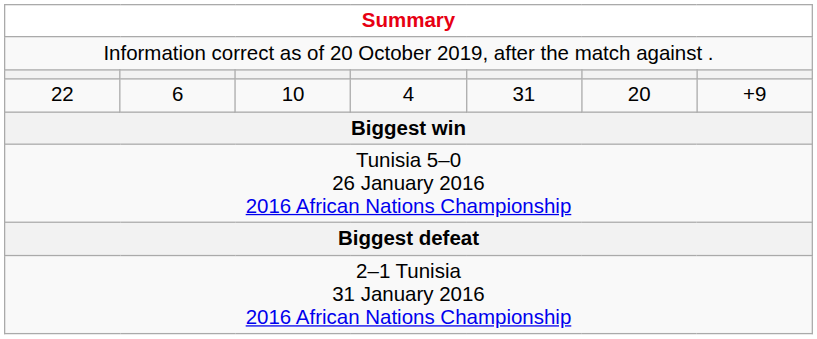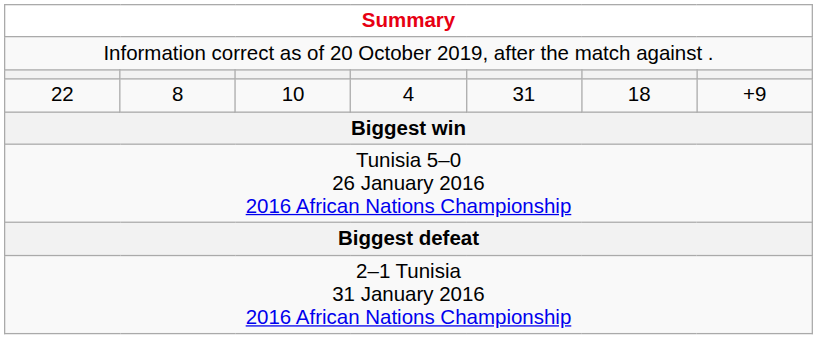 <table class="wikitable" style="text-align: center; width:50%">
 <tr>
 <th colspan="7" style="background:#FFFFFF; color:#E70013; ">Summary</th>
 </tr>
 <tr>
 <td colspan="7">Information correct as of 20 October 2019, after the match against .</td>
 </tr>
 <tr>
 <th width="5%"></th>
 <th width="5%"></th>
 <th width="5%"></th>
 <th width="5%"></th>
 <th width="5%"></th>
 <th width="5%"></th>
 <th width="5%"></th>
 </tr>
 <tr>
 <td>22</td>
-<td>6</td>
+<td>8</td>
 <td>10</td>
 <td>4</td>
 <td>31</td>
-<td>20</td>
+<td>18</td>
 <td>+9</td>
 </tr>
 <tr>
 <th colspan="7">Biggest win</th>
 </tr>
 <tr>
 <td colspan="7">Tunisia  5–0 <br>26 January 2016<br><a href='#'>2016 African Nations Championship</a></td>
 </tr>
 <tr>
 <th colspan="7">Biggest defeat</th>
 </tr>
 <tr>
 <td colspan="7"> 2–1  Tunisia<br>31 January 2016<br><a href='#'>2016 African Nations Championship</a></td>
 </tr>
 </table>
